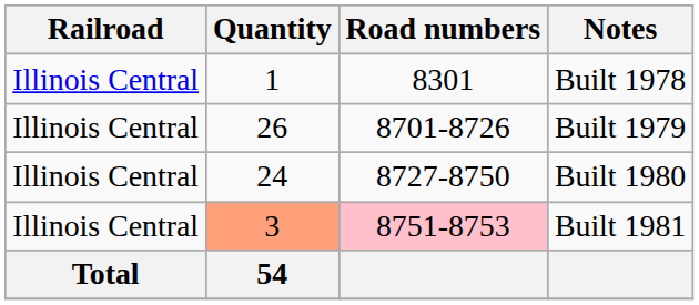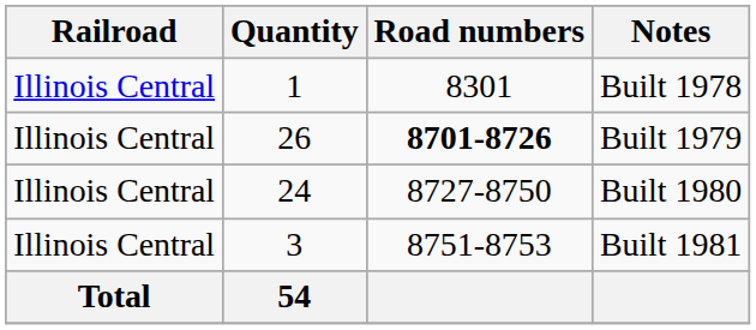 <table class="wikitable">
 <tr>
 <th>Railroad</th>
 <th>Quantity</th>
 <th>Road numbers</th>
 <th>Notes</th>
 </tr>
 <tr>
 <td><a href='#'>Illinois Central</a></td>
 <td style="text-align:center;">1</td>
 <td style="text-align:center;">8301</td>
 <td>Built 1978</td>
 </tr>
 <tr>
 <td>Illinois Central</td>
 <td style="text-align:center;">26</td>
-<td style="text-align:center;">8701-8726</td>
+<td style="text-align:center;"><strong>8701-8726</strong></td>
 <td>Built 1979</td>
 </tr>
 <tr>
 <td>Illinois Central</td>
 <td style="text-align:center;">24</td>
 <td style="text-align:center;">8727-8750</td>
 <td>Built 1980</td>
 </tr>
 <tr>
 <td>Illinois Central</td>
-<td style="background: lightsalmon; text-align:center;">3</td>
-<td style="background: pink; text-align:center;">8751-8753</td>
+<td style="text-align:center;">3</td>
+<td style="text-align:center;">8751-8753</td>
 <td>Built 1981</td>
 </tr>
 <tr>
 <th>Total</th>
 <th>54</th>
 <th></th>
 <th></th>
 </tr>
 <tr>
 </tr>
 </table>
